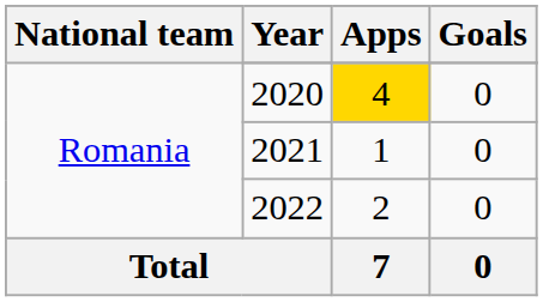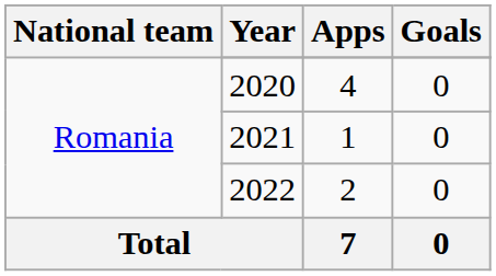 <table class="wikitable" style="text-align:center">
 <tr>
 <th>National team</th>
 <th>Year</th>
 <th>Apps</th>
 <th>Goals</th>
 </tr>
 <tr>
 <td rowspan="4"><a href='#'>Romania</a></td>
 </tr>
 <tr>
 <td>2020</td>
-<td style="background: gold;">4</td>
+<td>4</td>
 <td>0</td>
 </tr>
 <tr>
 <td>2021</td>
 <td>1</td>
 <td>0</td>
 </tr>
 <tr>
 <td>2022</td>
 <td>2</td>
 <td>0</td>
 </tr>
 <tr>
 <th colspan="2">Total</th>
 <th>7</th>
 <th>0</th>
 </tr>
 </table>
